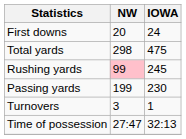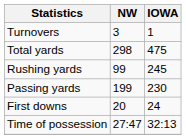 <table class="wikitable">
 <tr>
 <th>Statistics</th>
 <th>NW</th>
 <th>IOWA</th>
 </tr>
 <tr>
-<td>First downs</td>
-<td>20</td>
-<td>24</td>
+<td>Turnovers</td>
+<td>3</td>
+<td>1</td>
 </tr>
 <tr>
 <td>Total yards</td>
 <td>298</td>
 <td>475</td>
 </tr>
 <tr>
 <td>Rushing yards</td>
-<td style="background: pink;">99</td>
+<td>99</td>
 <td>245</td>
 </tr>
 <tr>
 <td>Passing yards</td>
 <td>199</td>
 <td>230</td>
 </tr>
 <tr>
-<td>Turnovers</td>
-<td>3</td>
-<td>1</td>
+<td>First downs</td>
+<td>20</td>
+<td>24</td>
 </tr>
 <tr>
 <td>Time of possession</td>
 <td>27:47</td>
 <td>32:13</td>
 </tr>
 <tr>
 </tr>
 </table>
